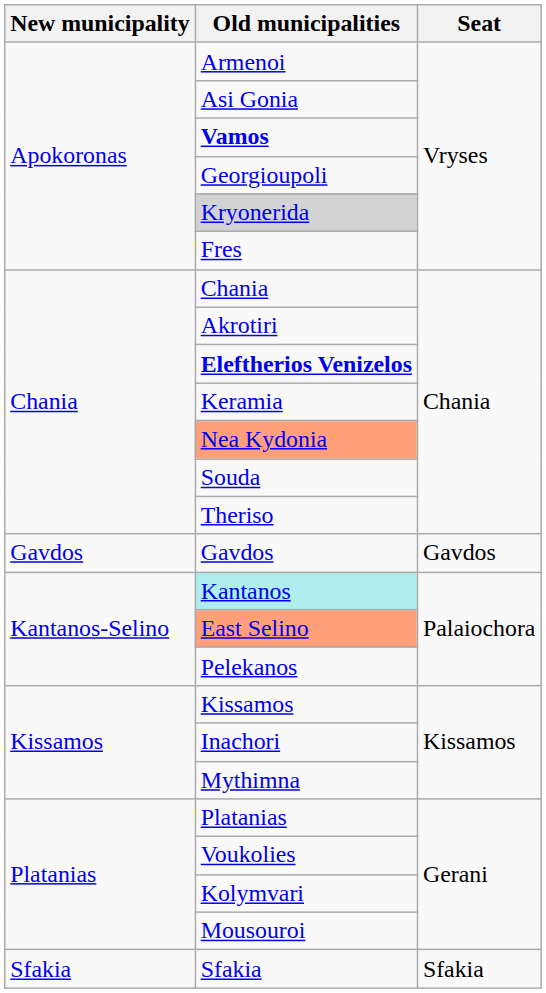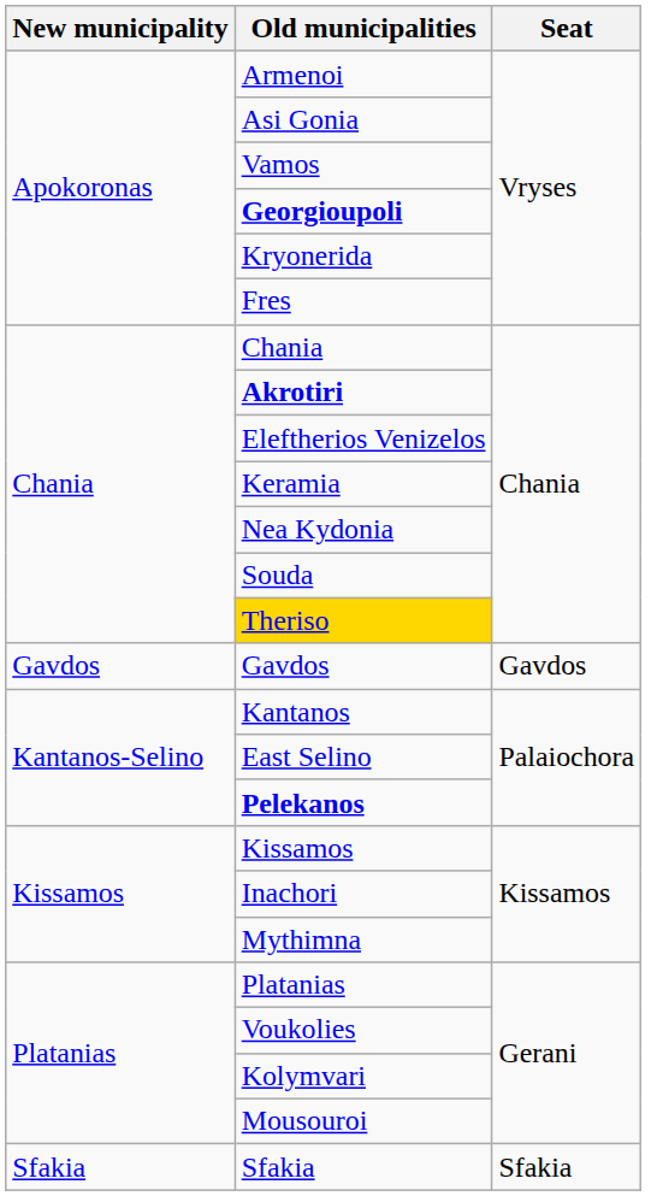 <table class="wikitable">
 <tr>
 <th>New municipality</th>
 <th>Old municipalities</th>
 <th>Seat</th>
 </tr>
 <tr>
 <td rowspan=6><a href='#'>Apokoronas</a></td>
 <td><a href='#'>Armenoi</a></td>
 <td rowspan=6>Vryses</td>
 </tr>
 <tr>
 <td><a href='#'>Asi Gonia</a></td>
 </tr>
 <tr>
-<td><strong><a href='#'>Vamos</a></strong></td>
+<td><a href='#'>Vamos</a></td>
 </tr>
 <tr>
-<td><a href='#'>Georgioupoli</a></td>
+<td><strong><a href='#'>Georgioupoli</a></strong></td>
 </tr>
 <tr>
-<td style="background: lightgrey;"><a href='#'>Kryonerida</a></td>
+<td><a href='#'>Kryonerida</a></td>
 </tr>
 <tr>
 <td><a href='#'>Fres</a></td>
 </tr>
 <tr>
 <td rowspan=7><a href='#'>Chania</a></td>
 <td><a href='#'>Chania</a></td>
 <td rowspan=7>Chania</td>
 </tr>
 <tr>
-<td><a href='#'>Akrotiri</a></td>
+<td><strong><a href='#'>Akrotiri</a></strong></td>
 </tr>
 <tr>
-<td><strong><a href='#'>Eleftherios Venizelos</a></strong></td>
+<td><a href='#'>Eleftherios Venizelos</a></td>
 </tr>
 <tr>
 <td><a href='#'>Keramia</a></td>
 </tr>
 <tr>
-<td style="background: lightsalmon;"><a href='#'>Nea Kydonia</a></td>
+<td><a href='#'>Nea Kydonia</a></td>
 </tr>
 <tr>
 <td><a href='#'>Souda</a></td>
 </tr>
 <tr>
-<td><a href='#'>Theriso</a></td>
+<td style="background: gold;"><a href='#'>Theriso</a></td>
 </tr>
 <tr>
 <td><a href='#'>Gavdos</a></td>
 <td><a href='#'>Gavdos</a></td>
 <td>Gavdos</td>
 </tr>
 <tr>
 <td rowspan=3><a href='#'>Kantanos-Selino</a></td>
-<td style="background: paleturquoise;"><a href='#'>Kantanos</a></td>
+<td><a href='#'>Kantanos</a></td>
 <td rowspan=3>Palaiochora</td>
 </tr>
 <tr>
-<td style="background: lightsalmon;"><a href='#'>East Selino</a></td>
+<td><a href='#'>East Selino</a></td>
 </tr>
 <tr>
-<td><a href='#'>Pelekanos</a></td>
+<td><strong><a href='#'>Pelekanos</a></strong></td>
 </tr>
 <tr>
 <td rowspan=3><a href='#'>Kissamos</a></td>
 <td><a href='#'>Kissamos</a></td>
 <td rowspan=3>Kissamos</td>
 </tr>
 <tr>
 <td><a href='#'>Inachori</a></td>
 </tr>
 <tr>
 <td><a href='#'>Mythimna</a></td>
 </tr>
 <tr>
 <td rowspan=4><a href='#'>Platanias</a></td>
 <td><a href='#'>Platanias</a></td>
 <td rowspan=4>Gerani</td>
 </tr>
 <tr>
 <td><a href='#'>Voukolies</a></td>
 </tr>
 <tr>
 <td><a href='#'>Kolymvari</a></td>
 </tr>
 <tr>
 <td><a href='#'>Mousouroi</a></td>
 </tr>
 <tr>
 <td><a href='#'>Sfakia</a></td>
 <td><a href='#'>Sfakia</a></td>
 <td>Sfakia</td>
 </tr>
 </table>
